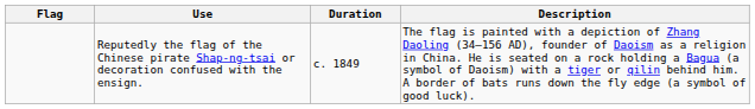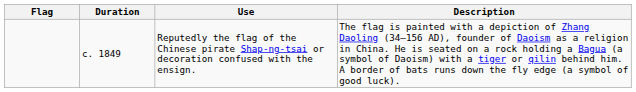 <table class="wikitable" width="100%">
 <tr>
 <th style="width:100px;">Flag</th>
+<th style="width:100px;">Duration</th>
 <th style="width:250px;">Use</th>
-<th style="width:100px;">Duration</th>
 <th style="min-width:250px">Description</th>
 </tr>
 <tr>
 <td></td>
+<td>c. 1849</td>
 <td>Reputedly the flag of the Chinese pirate <a href='#'>Shap-ng-tsai</a> or decoration confused with the ensign.</td>
-<td>c. 1849</td>
 <td>The flag is painted with a depiction of <a href='#'>Zhang Daoling</a> (34–156 AD), founder of <a href='#'>Daoism</a> as a religion in China. He is seated on a rock holding a <a href='#'>Bagua</a> (a symbol of Daoism) with a <a href='#'>tiger</a> or <a href='#'>qilin</a> behind him. A border of bats runs down the fly edge (a symbol of good luck).</td>
 </tr>
 </table>
